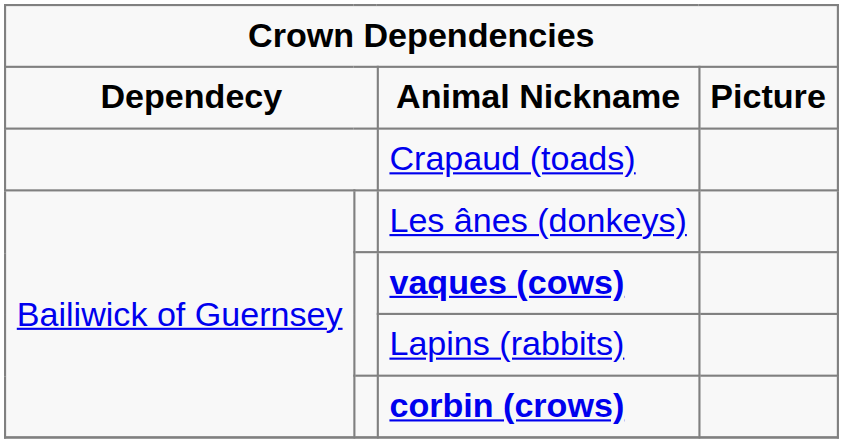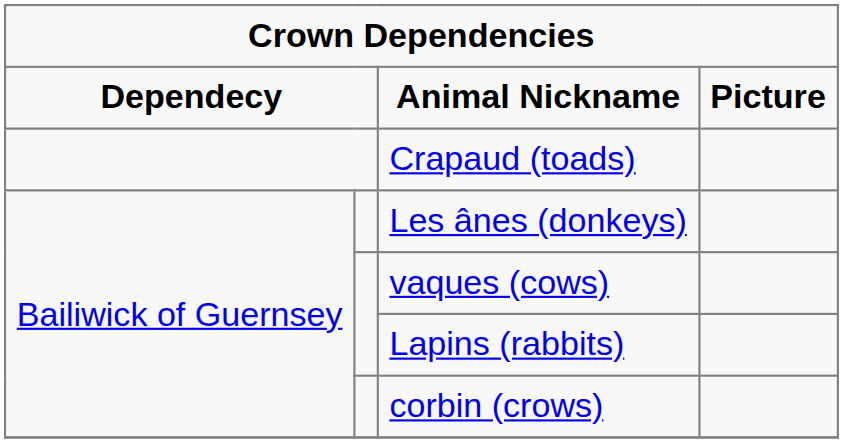 <table border=1 cellspacing=0 cellpadding=5 style="border-collapse: collapse; background:#f8f8f8;">
 <tr>
 <th colspan=4>Crown Dependencies</th>
 </tr>
 <tr>
 <th colspan=2>Dependecy</th>
 <th>Animal Nickname</th>
 <th>Picture</th>
 </tr>
 <tr>
 <td colspan=2></td>
 <td><a href='#'>Crapaud (toads)</a></td>
 <td></td>
 </tr>
 <tr>
 <td rowspan=4><a href='#'>Bailiwick of Guernsey</a></td>
 <td></td>
 <td><a href='#'>Les ânes (donkeys)</a></td>
 </tr>
 <tr>
 <td rowspan=2></td>
-<td><strong><a href='#'>vaques (cows)</a></strong></td>
+<td><a href='#'>vaques (cows)</a></td>
 <td></td>
 </tr>
 <tr>
 <td><a href='#'>Lapins (rabbits)</a></td>
 <td></td>
 </tr>
 <tr>
 <td></td>
-<td><strong><a href='#'>corbin (crows)</a></strong></td>
+<td><a href='#'>corbin (crows)</a></td>
 <td></td>
 </tr>
 <tr>
 </tr>
 </table>
